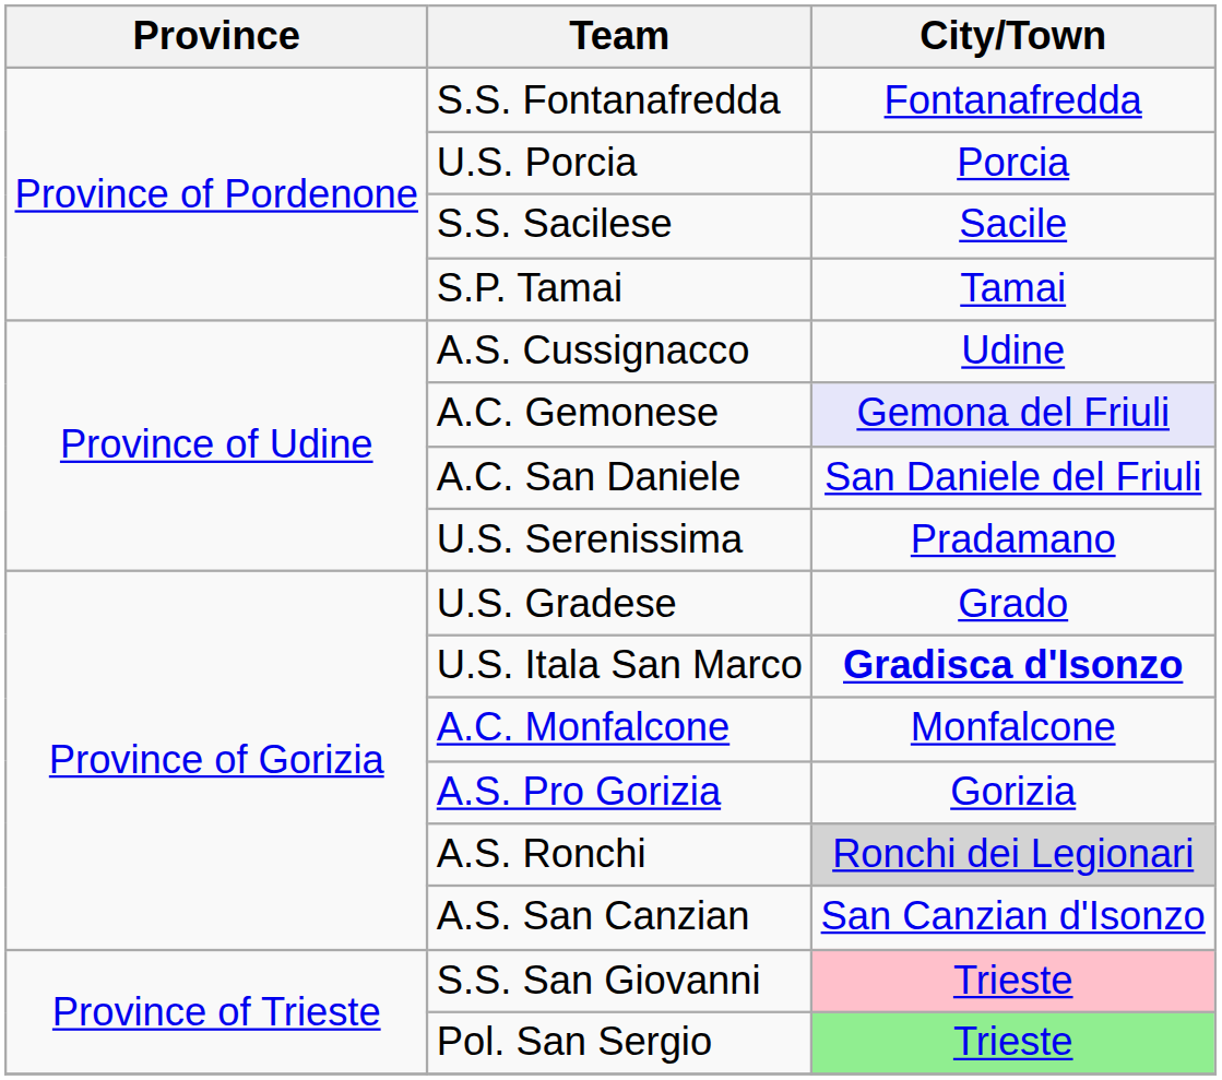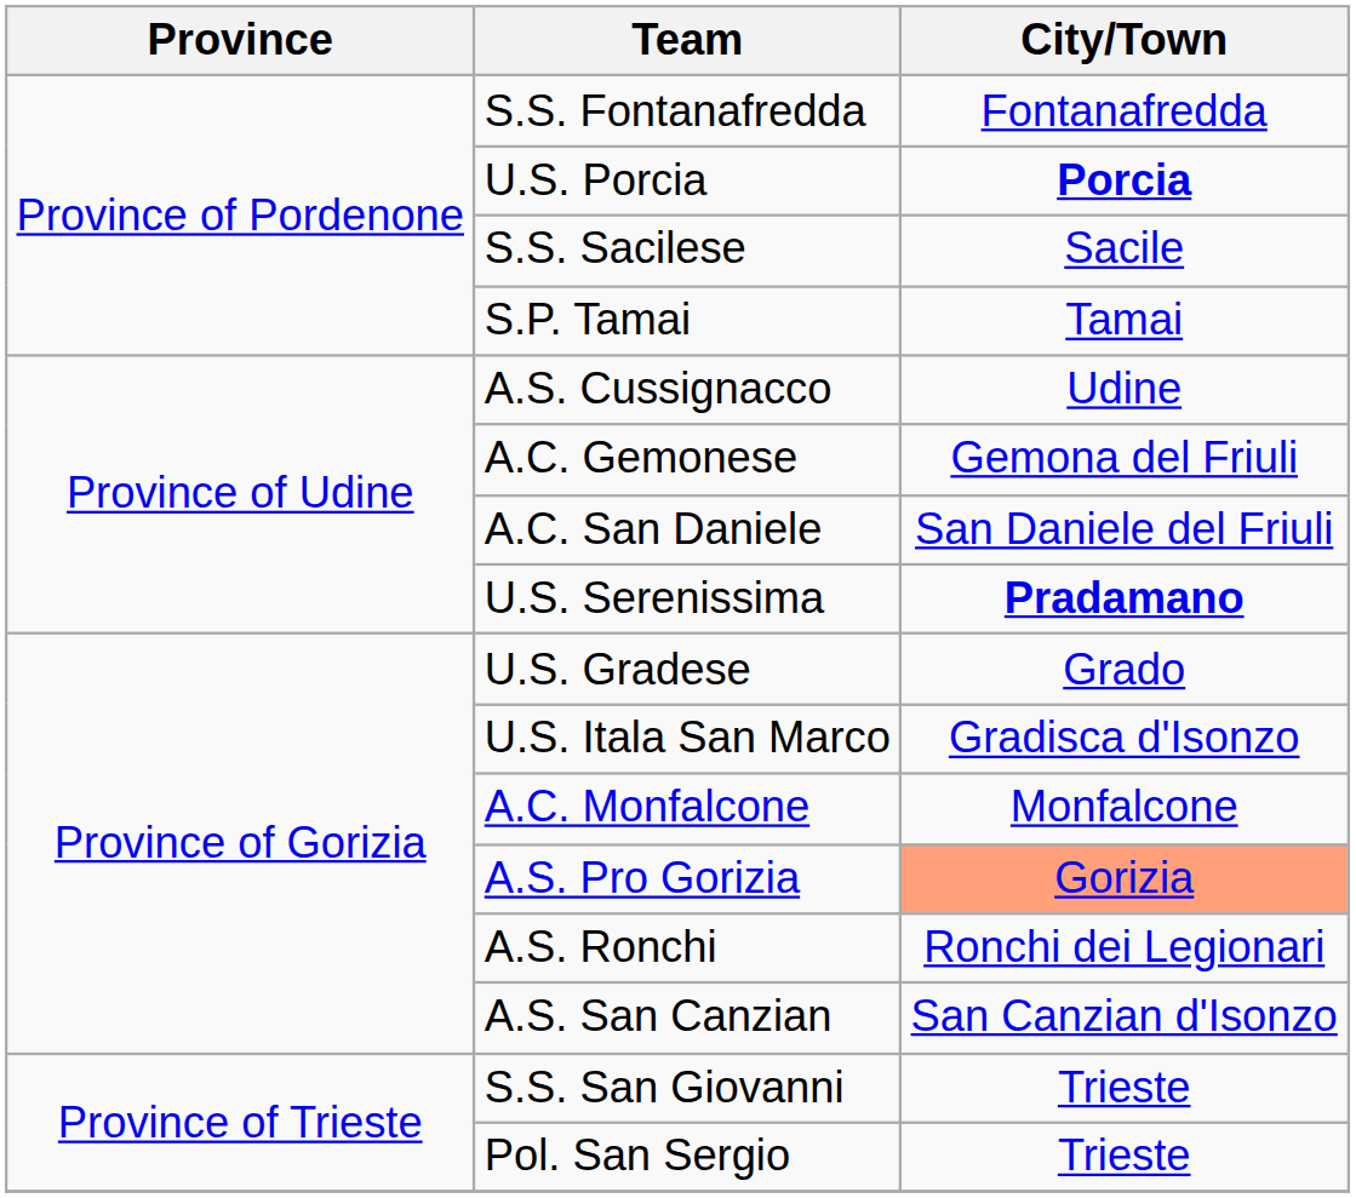 <table class="wikitable" style="text-align:center">
 <tr>
 <th>Province</th>
 <th>Team</th>
 <th>City/Town</th>
 </tr>
 <tr>
 <td rowspan="4"><a href='#'>Province of Pordenone</a></td>
 <td align="left">S.S. Fontanafredda</td>
 <td><a href='#'>Fontanafredda</a></td>
 </tr>
 <tr>
 <td align="left">U.S. Porcia</td>
-<td><a href='#'>Porcia</a></td>
+<td><strong><a href='#'>Porcia</a></strong></td>
 </tr>
 <tr>
 <td align="left">S.S. Sacilese</td>
 <td><a href='#'>Sacile</a></td>
 </tr>
 <tr>
 <td align="left">S.P. Tamai</td>
 <td><a href='#'>Tamai</a></td>
 </tr>
 <tr>
 <td rowspan="4"><a href='#'>Province of Udine</a></td>
 <td align="left">A.S. Cussignacco</td>
 <td><a href='#'>Udine</a></td>
 </tr>
 <tr>
 <td align="left">A.C. Gemonese</td>
-<td style="background: lavender;"><a href='#'>Gemona del Friuli</a></td>
+<td><a href='#'>Gemona del Friuli</a></td>
 </tr>
 <tr>
 <td align="left">A.C. San Daniele</td>
 <td><a href='#'>San Daniele del Friuli</a></td>
 </tr>
 <tr>
 <td align="left">U.S. Serenissima</td>
-<td><a href='#'>Pradamano</a></td>
+<td><strong><a href='#'>Pradamano</a></strong></td>
 </tr>
 <tr>
 <td rowspan="6"><a href='#'>Province of Gorizia</a></td>
 <td align="left">U.S. Gradese</td>
 <td><a href='#'>Grado</a></td>
 </tr>
 <tr>
 <td align="left">U.S. Itala San Marco</td>
-<td><strong><a href='#'>Gradisca d'Isonzo</a></strong></td>
+<td><a href='#'>Gradisca d'Isonzo</a></td>
 </tr>
 <tr>
 <td align="left"><a href='#'>A.C. Monfalcone</a></td>
 <td><a href='#'>Monfalcone</a></td>
 </tr>
 <tr>
 <td align="left"><a href='#'>A.S. Pro Gorizia</a></td>
-<td><a href='#'>Gorizia</a></td>
+<td style="background: lightsalmon;"><a href='#'>Gorizia</a></td>
 </tr>
 <tr>
 <td align="left">A.S. Ronchi</td>
-<td style="background: lightgrey;"><a href='#'>Ronchi dei Legionari</a></td>
+<td><a href='#'>Ronchi dei Legionari</a></td>
 </tr>
 <tr>
 <td align="left">A.S. San Canzian</td>
 <td><a href='#'>San Canzian d'Isonzo</a></td>
 </tr>
 <tr>
 <td rowspan="2"><a href='#'>Province of Trieste</a></td>
 <td align="left">S.S. San Giovanni</td>
-<td style="background: pink;"><a href='#'>Trieste</a></td>
+<td><a href='#'>Trieste</a></td>
 </tr>
 <tr>
 <td align="left">Pol. San Sergio</td>
-<td style="background: lightgreen;"><a href='#'>Trieste</a></td>
+<td><a href='#'>Trieste</a></td>
 </tr>
 <tr>
 </tr>
 </table>
